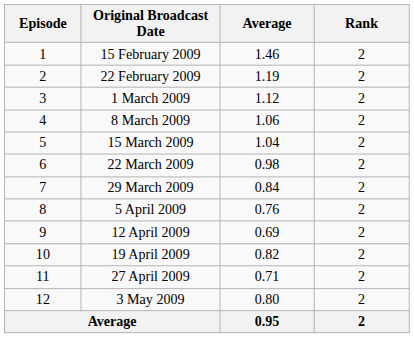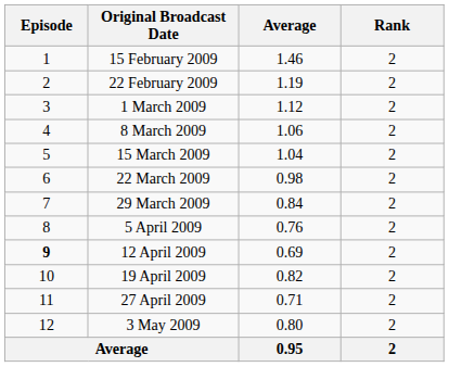 <table class="wikitable" style="text-align:center">
 <tr>
 <th width=80>Episode</th>
 <th width=150>Original Broadcast Date</th>
 <th width=100>Average</th>
 <th width=100>Rank</th>
 </tr>
 <tr>
 <td>1</td>
 <td>15 February 2009</td>
 <td><span>1.46</span></td>
 <td>2</td>
 </tr>
 <tr>
 <td>2</td>
 <td>22 February 2009</td>
 <td>1.19</td>
 <td>2</td>
 </tr>
 <tr>
 <td>3</td>
 <td>1 March 2009</td>
 <td>1.12</td>
 <td>2</td>
 </tr>
 <tr>
 <td>4</td>
 <td>8 March 2009</td>
 <td>1.06</td>
 <td>2</td>
 </tr>
 <tr>
 <td>5</td>
 <td>15 March 2009</td>
 <td>1.04</td>
 <td>2</td>
 </tr>
 <tr>
 <td>6</td>
 <td>22 March 2009</td>
 <td>0.98</td>
 <td>2</td>
 </tr>
 <tr>
 <td>7</td>
 <td>29 March 2009</td>
 <td>0.84</td>
 <td>2</td>
 </tr>
 <tr>
 <td>8</td>
 <td>5 April 2009</td>
 <td>0.76</td>
 <td>2</td>
 </tr>
 <tr>
-<td>9</td>
+<td><strong>9</strong></td>
 <td>12 April 2009</td>
 <td><span>0.69</span></td>
 <td>2</td>
 </tr>
 <tr>
 <td>10</td>
 <td>19 April 2009</td>
 <td>0.82</td>
 <td>2</td>
 </tr>
 <tr>
 <td>11</td>
 <td>27 April 2009</td>
 <td>0.71</td>
 <td>2</td>
 </tr>
 <tr>
 <td>12</td>
 <td>3 May 2009</td>
 <td>0.80</td>
 <td>2</td>
 </tr>
 <tr>
 <th colspan=2>Average</th>
 <th>0.95</th>
 <th>2</th>
 </tr>
 </table>
